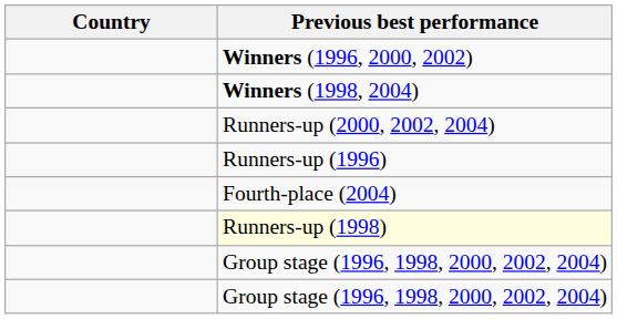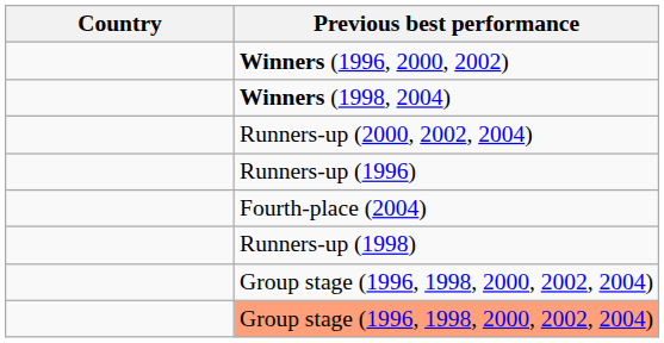 <table class="wikitable sortable" style="text-align: left;">
 <tr>
 <th style="width:150px;">Country</th>
 <th>Previous best performance</th>
 </tr>
 <tr>
 <td></td>
 <td><strong>Winners</strong> (<a href='#'>1996</a>, <a href='#'>2000</a>, <a href='#'>2002</a>)</td>
 </tr>
 <tr>
 <td></td>
 <td><strong>Winners</strong> (<a href='#'>1998</a>, <a href='#'>2004</a>)</td>
 </tr>
 <tr>
 <td></td>
 <td>Runners-up (<a href='#'>2000</a>, <a href='#'>2002</a>, <a href='#'>2004</a>)</td>
 </tr>
 <tr>
 <td></td>
 <td>Runners-up (<a href='#'>1996</a>)</td>
 </tr>
 <tr>
 <td></td>
 <td>Fourth-place (<a href='#'>2004</a>)</td>
 </tr>
 <tr>
 <td></td>
-<td style="background: lightyellow;">Runners-up (<a href='#'>1998</a>)</td>
+<td>Runners-up (<a href='#'>1998</a>)</td>
 </tr>
 <tr>
 <td></td>
 <td>Group stage (<a href='#'>1996</a>, <a href='#'>1998</a>, <a href='#'>2000</a>, <a href='#'>2002</a>, <a href='#'>2004</a>)</td>
 </tr>
 <tr>
 <td></td>
-<td>Group stage (<a href='#'>1996</a>, <a href='#'>1998</a>, <a href='#'>2000</a>, <a href='#'>2002</a>, <a href='#'>2004</a>)</td>
+<td style="background: lightsalmon;">Group stage (<a href='#'>1996</a>, <a href='#'>1998</a>, <a href='#'>2000</a>, <a href='#'>2002</a>, <a href='#'>2004</a>)</td>
 </tr>
 </table>
